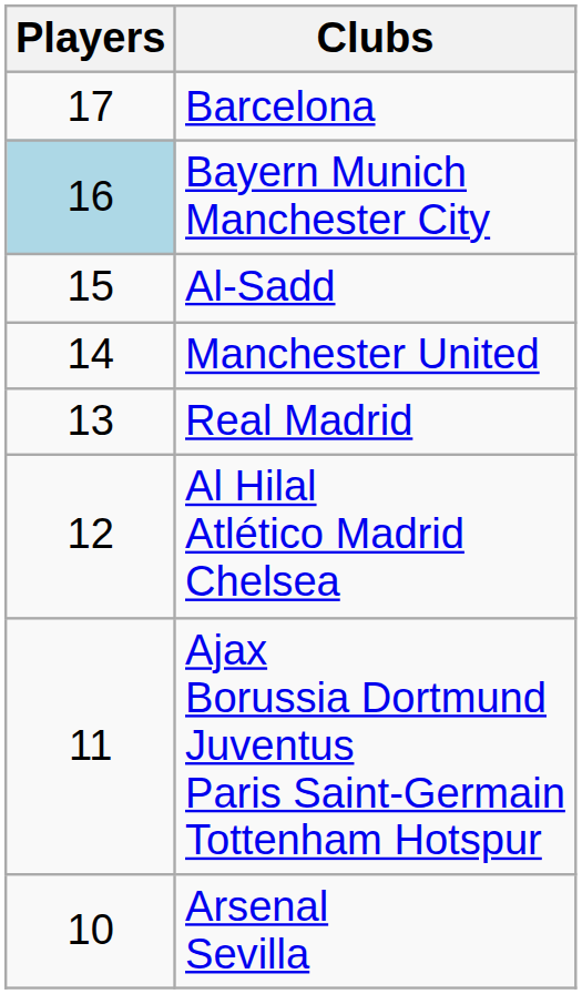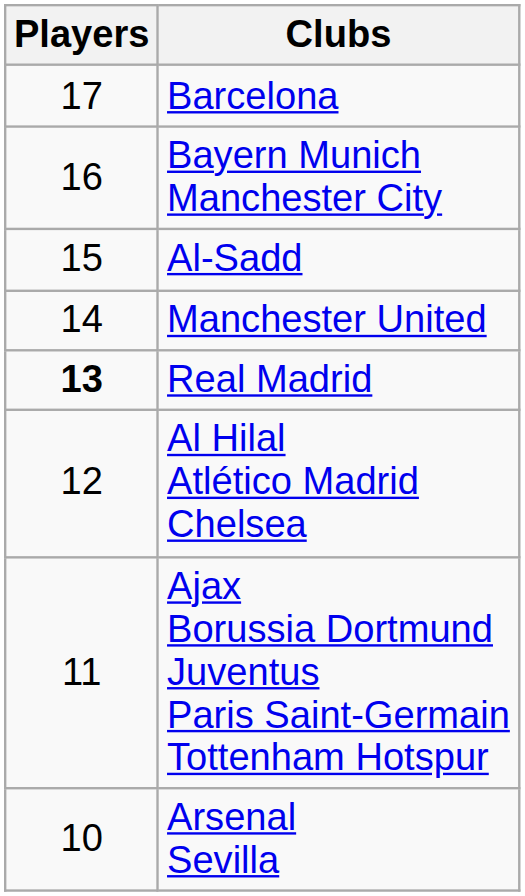 <table class="wikitable sortable">
 <tr>
 <th>Players</th>
 <th>Clubs</th>
 </tr>
 <tr>
 <td align=center>17</td>
 <td> <a href='#'>Barcelona</a></td>
 </tr>
 <tr>
-<td align=center style="background: lightblue;">16</td>
+<td align=center>16</td>
 <td> <a href='#'>Bayern Munich</a><br> <a href='#'>Manchester City</a></td>
 </tr>
 <tr>
 <td align=center>15</td>
 <td> <a href='#'>Al-Sadd</a></td>
 </tr>
 <tr>
 <td align=center>14</td>
 <td> <a href='#'>Manchester United</a></td>
 </tr>
 <tr>
-<td align=center>13</td>
+<td align=center><strong>13</strong></td>
 <td> <a href='#'>Real Madrid</a></td>
 </tr>
 <tr>
 <td align=center>12</td>
 <td> <a href='#'>Al Hilal</a><br> <a href='#'>Atlético Madrid</a><br> <a href='#'>Chelsea</a></td>
 </tr>
 <tr>
 <td align=center>11</td>
 <td> <a href='#'>Ajax</a><br> <a href='#'>Borussia Dortmund</a><br> <a href='#'>Juventus</a><br> <a href='#'>Paris Saint-Germain</a><br> <a href='#'>Tottenham Hotspur</a></td>
 </tr>
 <tr>
 <td align=center>10</td>
 <td> <a href='#'>Arsenal</a><br> <a href='#'>Sevilla</a></td>
 </tr>
 </table>
